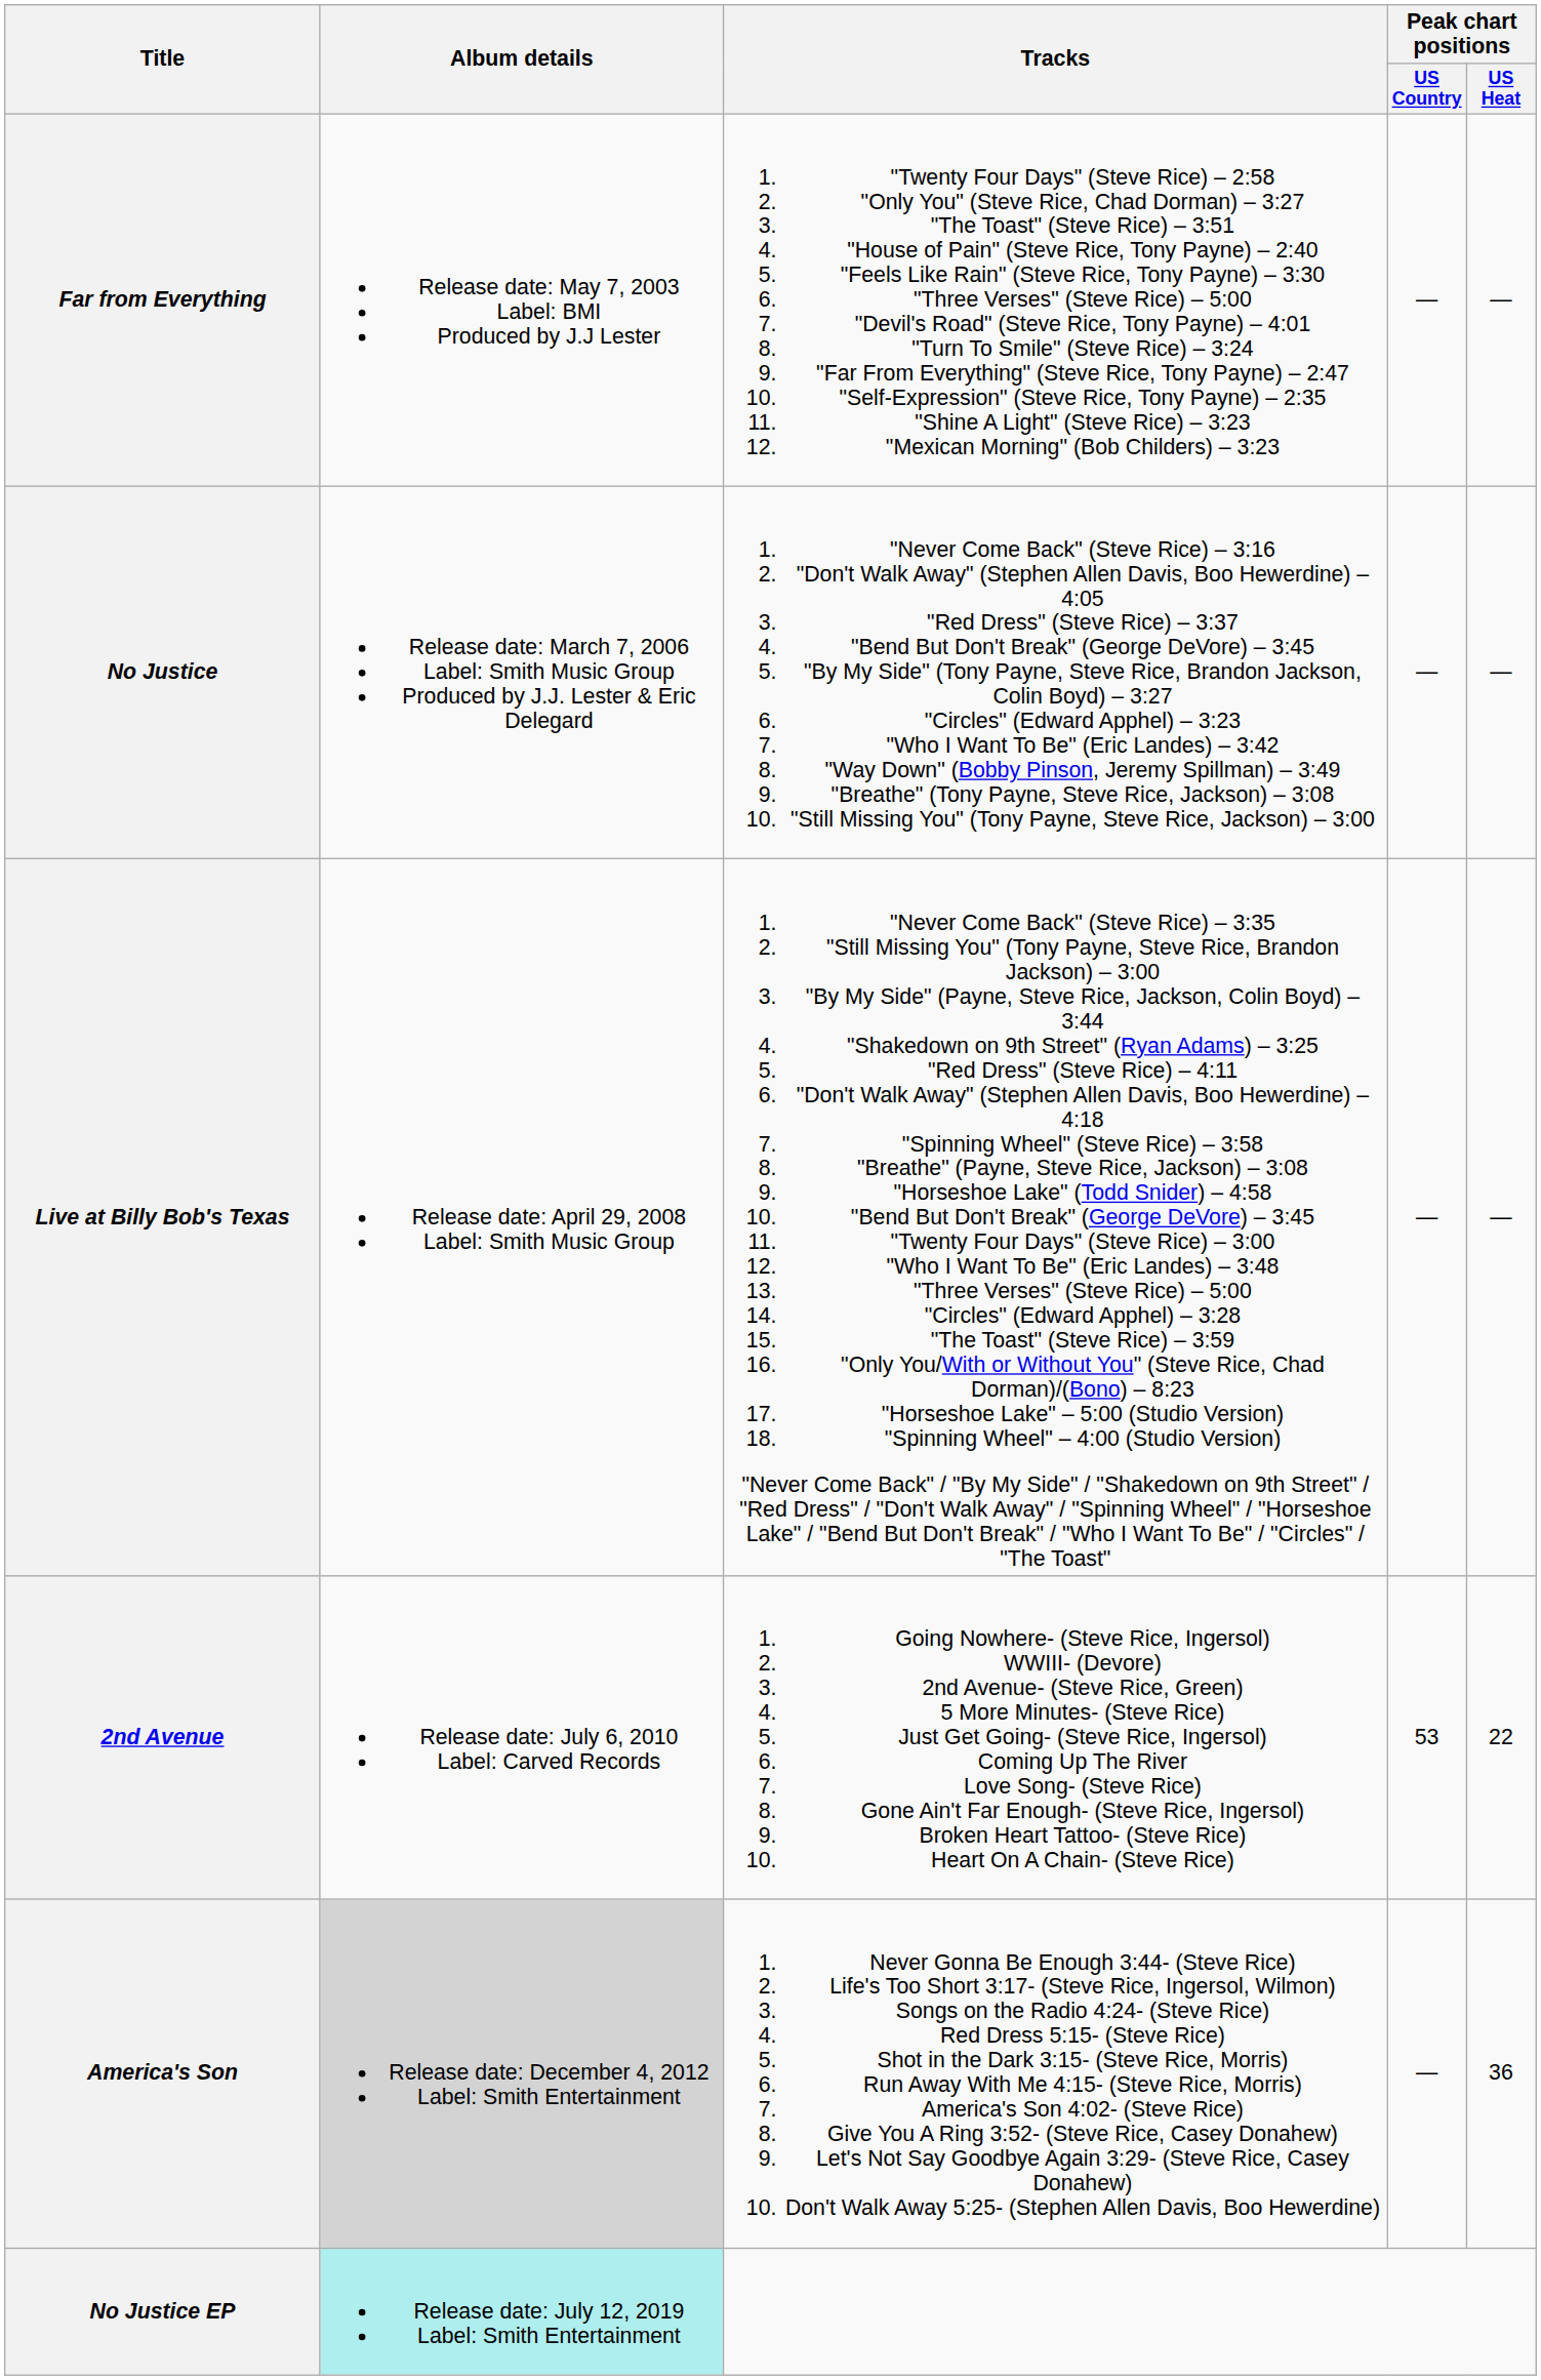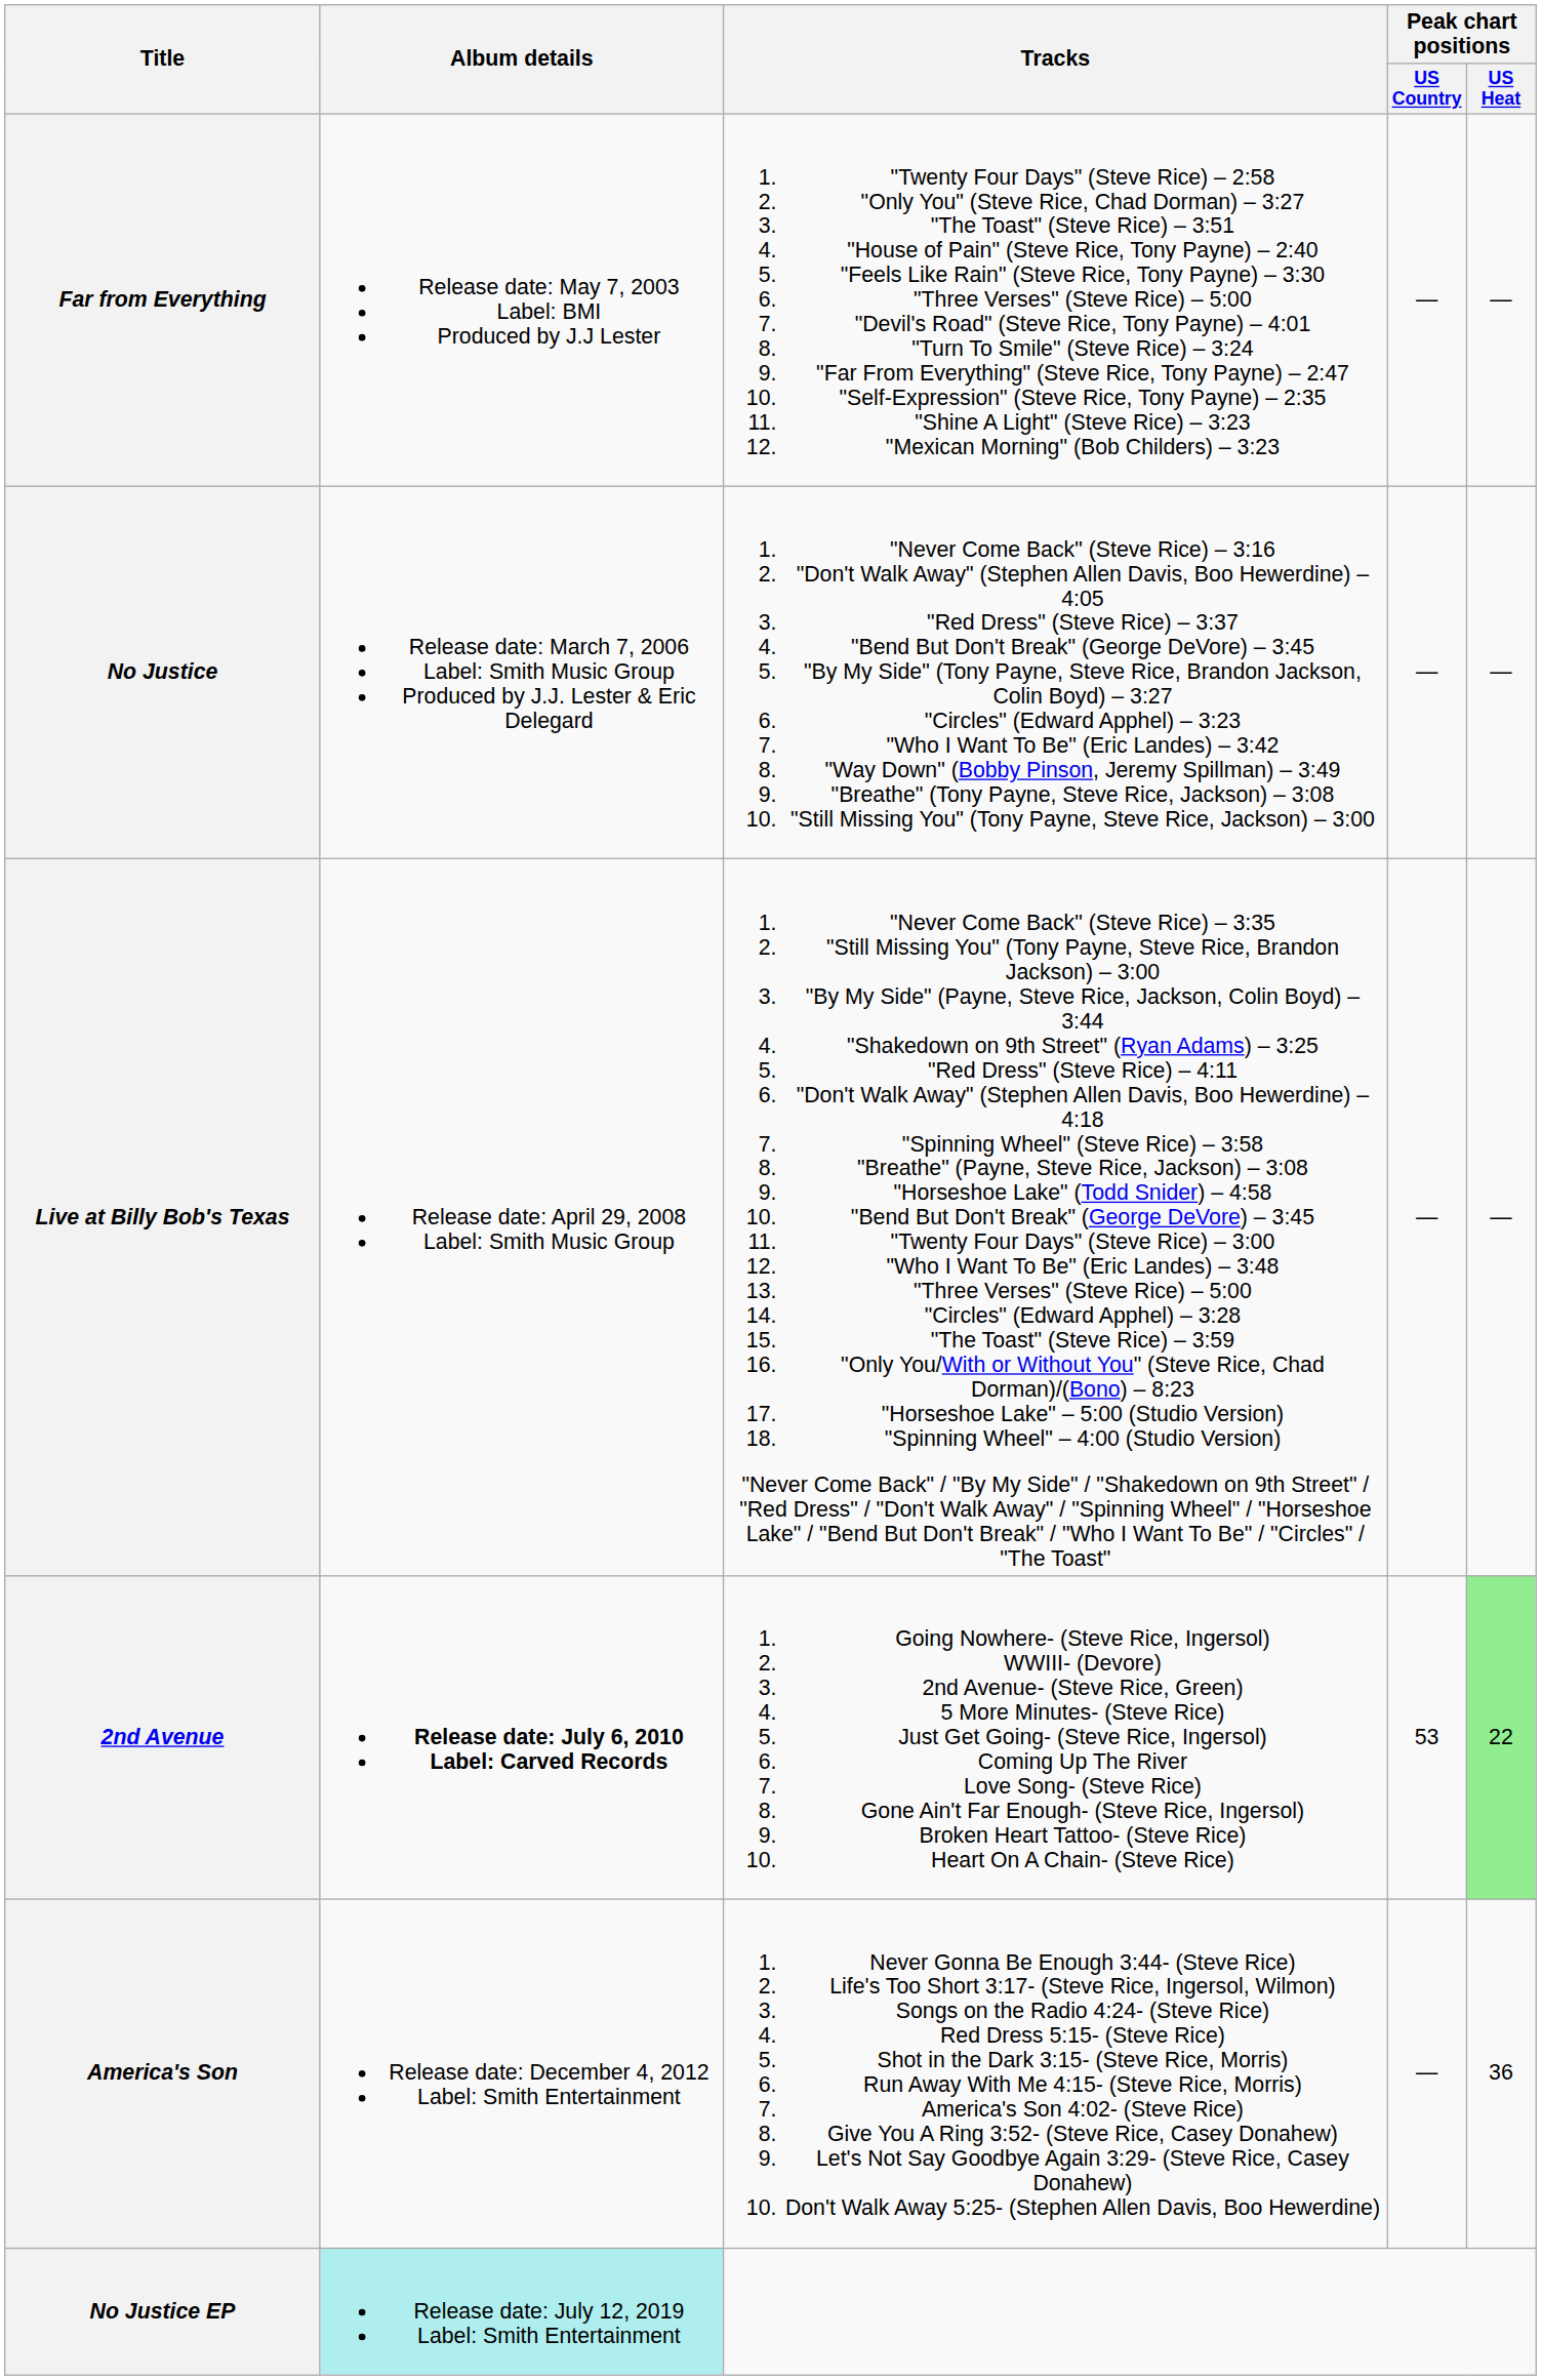 <table class="wikitable plainrowheaders" style="text-align:center;">
 <tr>
 <th rowspan="2" style="width:14em;">Title</th>
 <th rowspan="2" style="width:18em;">Album details</th>
 <th rowspan="2" style="width:30em;">Tracks</th>
 <th colspan="2">Peak chart<br>positions</th>
 </tr>
 <tr style="font-size:smaller;">
 <th width="45"><a href='#'>US Country</a></th>
 <th width="45"><a href='#'>US Heat</a></th>
 </tr>
 <tr>
 <th scope="row"><em>Far from Everything</em></th>
 <td><br><ul><li>Release date: May 7, 2003</li><li>Label: BMI</li><li>Produced by J.J Lester</li></ul></td>
 <td><br><ol><li>"Twenty Four Days" (Steve Rice) – 2:58</li><li>"Only You" (Steve Rice, Chad Dorman) – 3:27</li><li>"The Toast" (Steve Rice) – 3:51</li><li>"House of Pain" (Steve Rice, Tony Payne) – 2:40</li><li>"Feels Like Rain" (Steve Rice, Tony Payne) – 3:30</li><li>"Three Verses" (Steve Rice) – 5:00</li><li>"Devil's Road" (Steve Rice, Tony Payne) – 4:01</li><li>"Turn To Smile" (Steve Rice) – 3:24</li><li>"Far From Everything" (Steve Rice, Tony Payne) – 2:47</li><li>"Self-Expression" (Steve Rice, Tony Payne) – 2:35</li><li>"Shine A Light" (Steve Rice) – 3:23</li><li>"Mexican Morning" (Bob Childers) – 3:23</li></ol></td>
 <td>—</td>
 <td>—</td>
 </tr>
 <tr>
 <th scope="row"><em>No Justice</em></th>
 <td><br><ul><li>Release date: March 7, 2006</li><li>Label: Smith Music Group</li><li>Produced by J.J. Lester & Eric Delegard</li></ul></td>
 <td><br><ol><li>"Never Come Back" (Steve Rice) – 3:16</li><li>"Don't Walk Away" (Stephen Allen Davis, Boo Hewerdine) – 4:05</li><li>"Red Dress" (Steve Rice) – 3:37</li><li>"Bend But Don't Break" (George DeVore) – 3:45</li><li>"By My Side" (Tony Payne, Steve Rice, Brandon Jackson, Colin Boyd) – 3:27</li><li>"Circles" (Edward Apphel) – 3:23</li><li>"Who I Want To Be" (Eric Landes) – 3:42</li><li>"Way Down" (<a href='#'>Bobby Pinson</a>, Jeremy Spillman) – 3:49</li><li>"Breathe" (Tony Payne, Steve Rice, Jackson) – 3:08</li><li>"Still Missing You" (Tony Payne, Steve Rice, Jackson) – 3:00</li></ol></td>
 <td>—</td>
 <td>—</td>
 </tr>
 <tr>
 <th scope="row"><em>Live at Billy Bob's Texas</em></th>
 <td><br><ul><li>Release date: April 29, 2008</li><li>Label: Smith Music Group</li></ul></td>
 <td><br><ol><li>"Never Come Back" (Steve Rice) – 3:35</li><li>"Still Missing You" (Tony Payne, Steve Rice, Brandon Jackson) – 3:00</li><li>"By My Side" (Payne, Steve Rice, Jackson, Colin Boyd) – 3:44</li><li>"Shakedown on 9th Street" (<a href='#'>Ryan Adams</a>) – 3:25</li><li>"Red Dress" (Steve Rice) – 4:11</li><li>"Don't Walk Away" (Stephen Allen Davis, Boo Hewerdine) – 4:18</li><li>"Spinning Wheel" (Steve Rice) – 3:58</li><li>"Breathe" (Payne, Steve Rice, Jackson) – 3:08</li><li>"Horseshoe Lake" (<a href='#'>Todd Snider</a>) – 4:58</li><li>"Bend But Don't Break" (<a href='#'>George DeVore</a>) – 3:45</li><li>"Twenty Four Days" (Steve Rice) – 3:00</li><li>"Who I Want To Be" (Eric Landes) – 3:48</li><li>"Three Verses" (Steve Rice) – 5:00</li><li>"Circles" (Edward Apphel) – 3:28</li><li>"The Toast" (Steve Rice) – 3:59</li><li>"Only You/<a href='#'>With or Without You</a>" (Steve Rice, Chad Dorman)/(<a href='#'>Bono</a>) – 8:23</li><li>"Horseshoe Lake" – 5:00 (Studio Version)</li><li>"Spinning Wheel" – 4:00 (Studio Version)</li></ol>"Never Come Back" / "By My Side" / "Shakedown on 9th Street" / "Red Dress" / "Don't Walk Away" / "Spinning Wheel" / "Horseshoe Lake" / "Bend But Don't Break" / "Who I Want To Be" / "Circles" / "The Toast"</td>
 <td>—</td>
 <td>—</td>
 </tr>
 <tr>
 <th scope="row"><em><a href='#'>2nd Avenue</a></em></th>
-<td><br><ul><li>Release date: July 6, 2010</li><li>Label: Carved Records</li></ul></td>
+<td><strong><br><ul><li>Release date: July 6, 2010</li><li>Label: Carved Records</li></ul></strong></td>
 <td><br><ol><li>Going Nowhere- (Steve Rice, Ingersol)</li><li>WWIII- (Devore)</li><li>2nd Avenue- (Steve Rice, Green)</li><li>5 More Minutes- (Steve Rice)</li><li>Just Get Going- (Steve Rice, Ingersol)</li><li>Coming Up The River</li><li>Love Song- (Steve Rice)</li><li>Gone Ain't Far Enough- (Steve Rice, Ingersol)</li><li>Broken Heart Tattoo- (Steve Rice)</li><li>Heart On A Chain- (Steve Rice)</li></ol></td>
 <td>53</td>
-<td>22</td>
+<td style="background: lightgreen;">22</td>
 </tr>
 <tr>
 <th scope="row"><em>America's Son</em></th>
-<td style="background: lightgrey;"><br><ul><li>Release date: December 4, 2012</li><li>Label: Smith Entertainment</li></ul></td>
+<td><br><ul><li>Release date: December 4, 2012</li><li>Label: Smith Entertainment</li></ul></td>
 <td><br><ol><li>Never Gonna Be Enough 3:44- (Steve Rice)</li><li>Life's Too Short 3:17- (Steve Rice, Ingersol, Wilmon)</li><li>Songs on the Radio 4:24- (Steve Rice)</li><li>Red Dress 5:15- (Steve Rice)</li><li>Shot in the Dark 3:15- (Steve Rice, Morris)</li><li>Run Away With Me 4:15- (Steve Rice, Morris)</li><li>America's Son 4:02- (Steve Rice)</li><li>Give You A Ring 3:52- (Steve Rice, Casey Donahew)</li><li>Let's Not Say Goodbye Again 3:29- (Steve Rice, Casey Donahew)</li><li>Don't Walk Away 5:25- (Stephen Allen Davis, Boo Hewerdine)</li></ol></td>
 <td>—</td>
 <td>36</td>
 </tr>
 <tr>
 <th scope="row"><em>No Justice EP</em></th>
 <td style="background: paleturquoise;"><br><ul><li>Release date: July 12, 2019</li><li>Label: Smith Entertainment</li></ul></td>
 </tr>
 </table>
